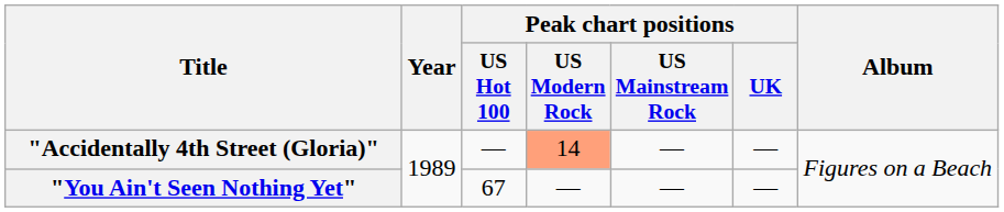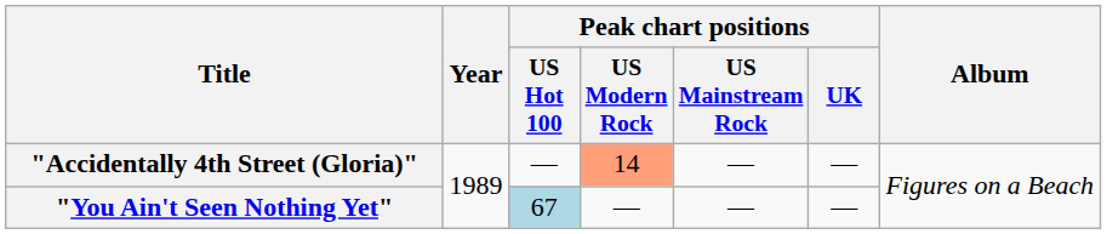 <table class="wikitable plainrowheaders" style="text-align:center;">
 <tr>
 <th rowspan="2" style="width:16em;">Title</th>
 <th rowspan="2">Year</th>
 <th colspan="4">Peak chart positions</th>
 <th rowspan="2">Album</th>
 </tr>
 <tr>
 <th style="width:2.5em; font-size:90%;">US <a href='#'>Hot 100</a></th>
 <th style="width:2.5em; font-size:90%;">US <a href='#'>Modern Rock</a></th>
 <th style="width:2.5em; font-size:90%;">US <a href='#'>Mainstream Rock</a></th>
 <th style="width:2.5em; font-size:90%;"><a href='#'>UK</a></th>
 </tr>
 <tr>
 <th scope="row">"Accidentally 4th Street (Gloria)"</th>
 <td rowspan="2">1989</td>
 <td>—</td>
 <td style="background: lightsalmon;">14</td>
 <td>—</td>
 <td>—</td>
 <td rowspan="2"><em>Figures on a Beach</em></td>
 </tr>
 <tr>
 <th scope="row">"<a href='#'>You Ain't Seen Nothing Yet</a>"</th>
-<td>67</td>
+<td style="background: lightblue;">67</td>
 <td>—</td>
 <td>—</td>
 <td>—</td>
 </tr>
 </table>
